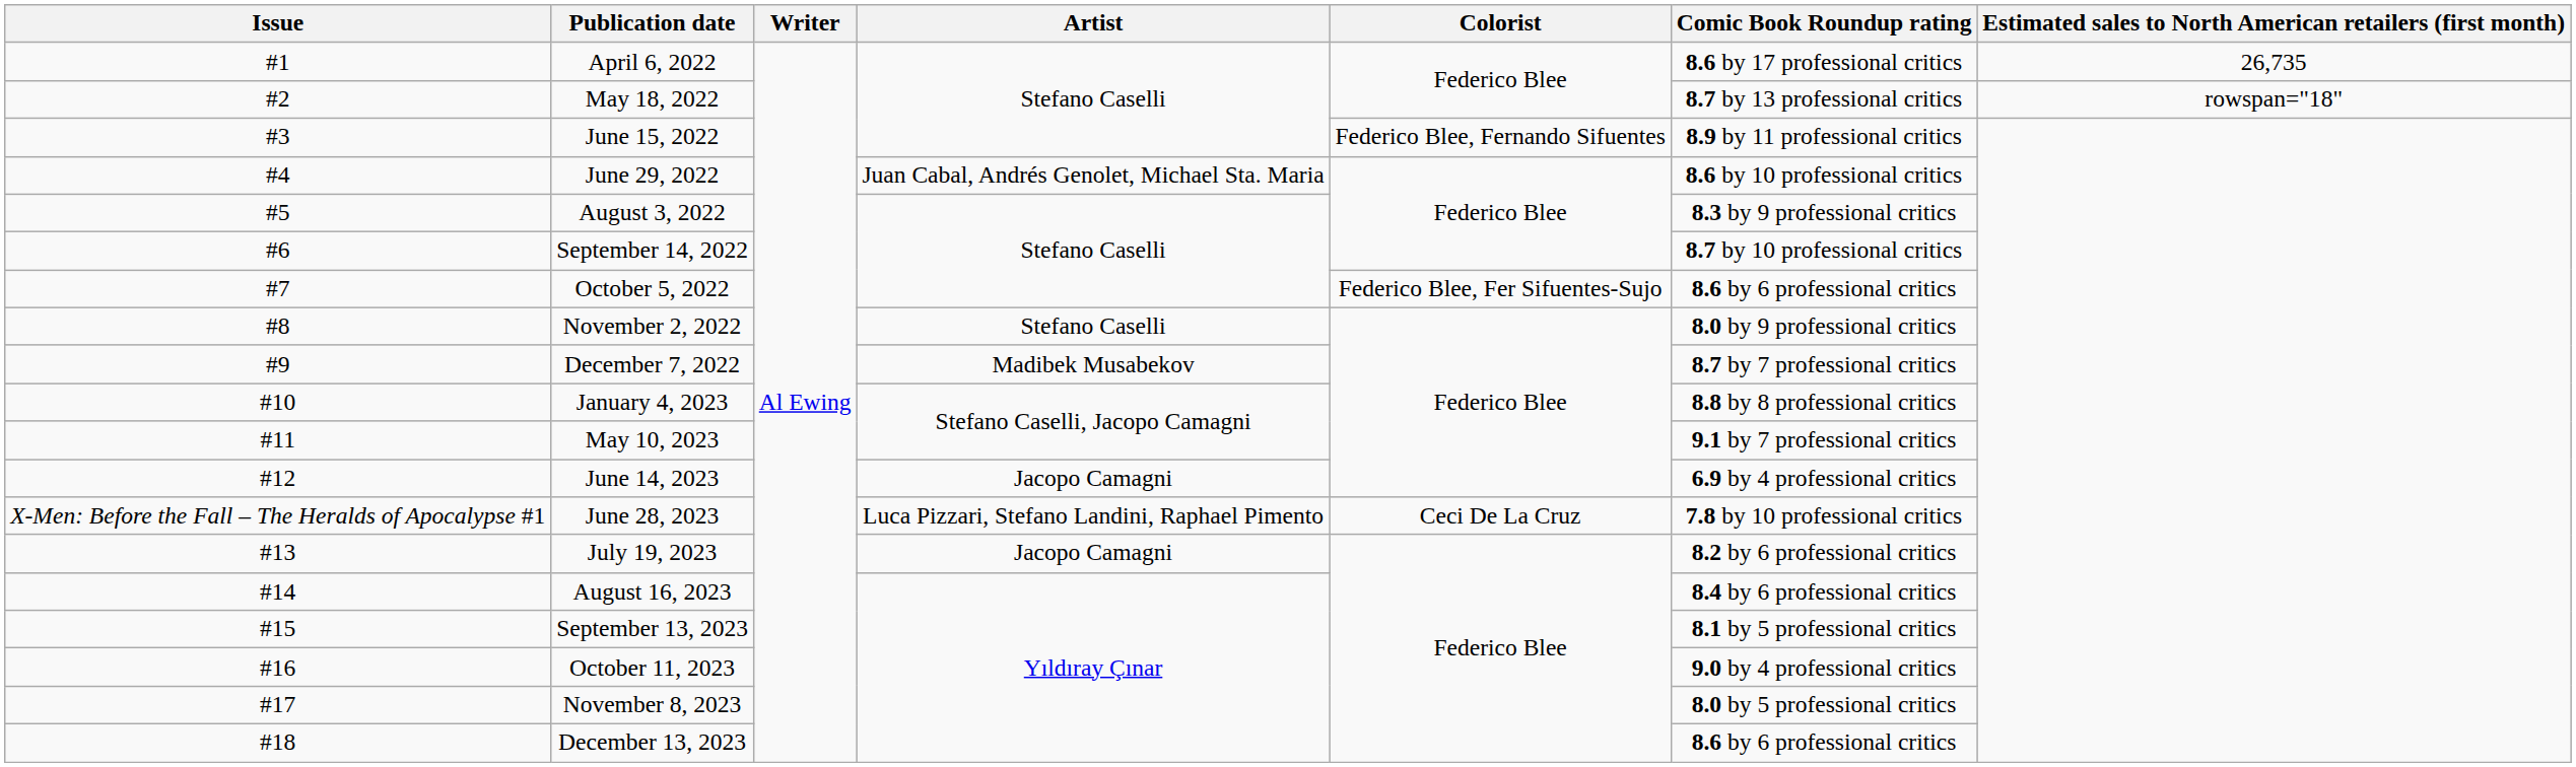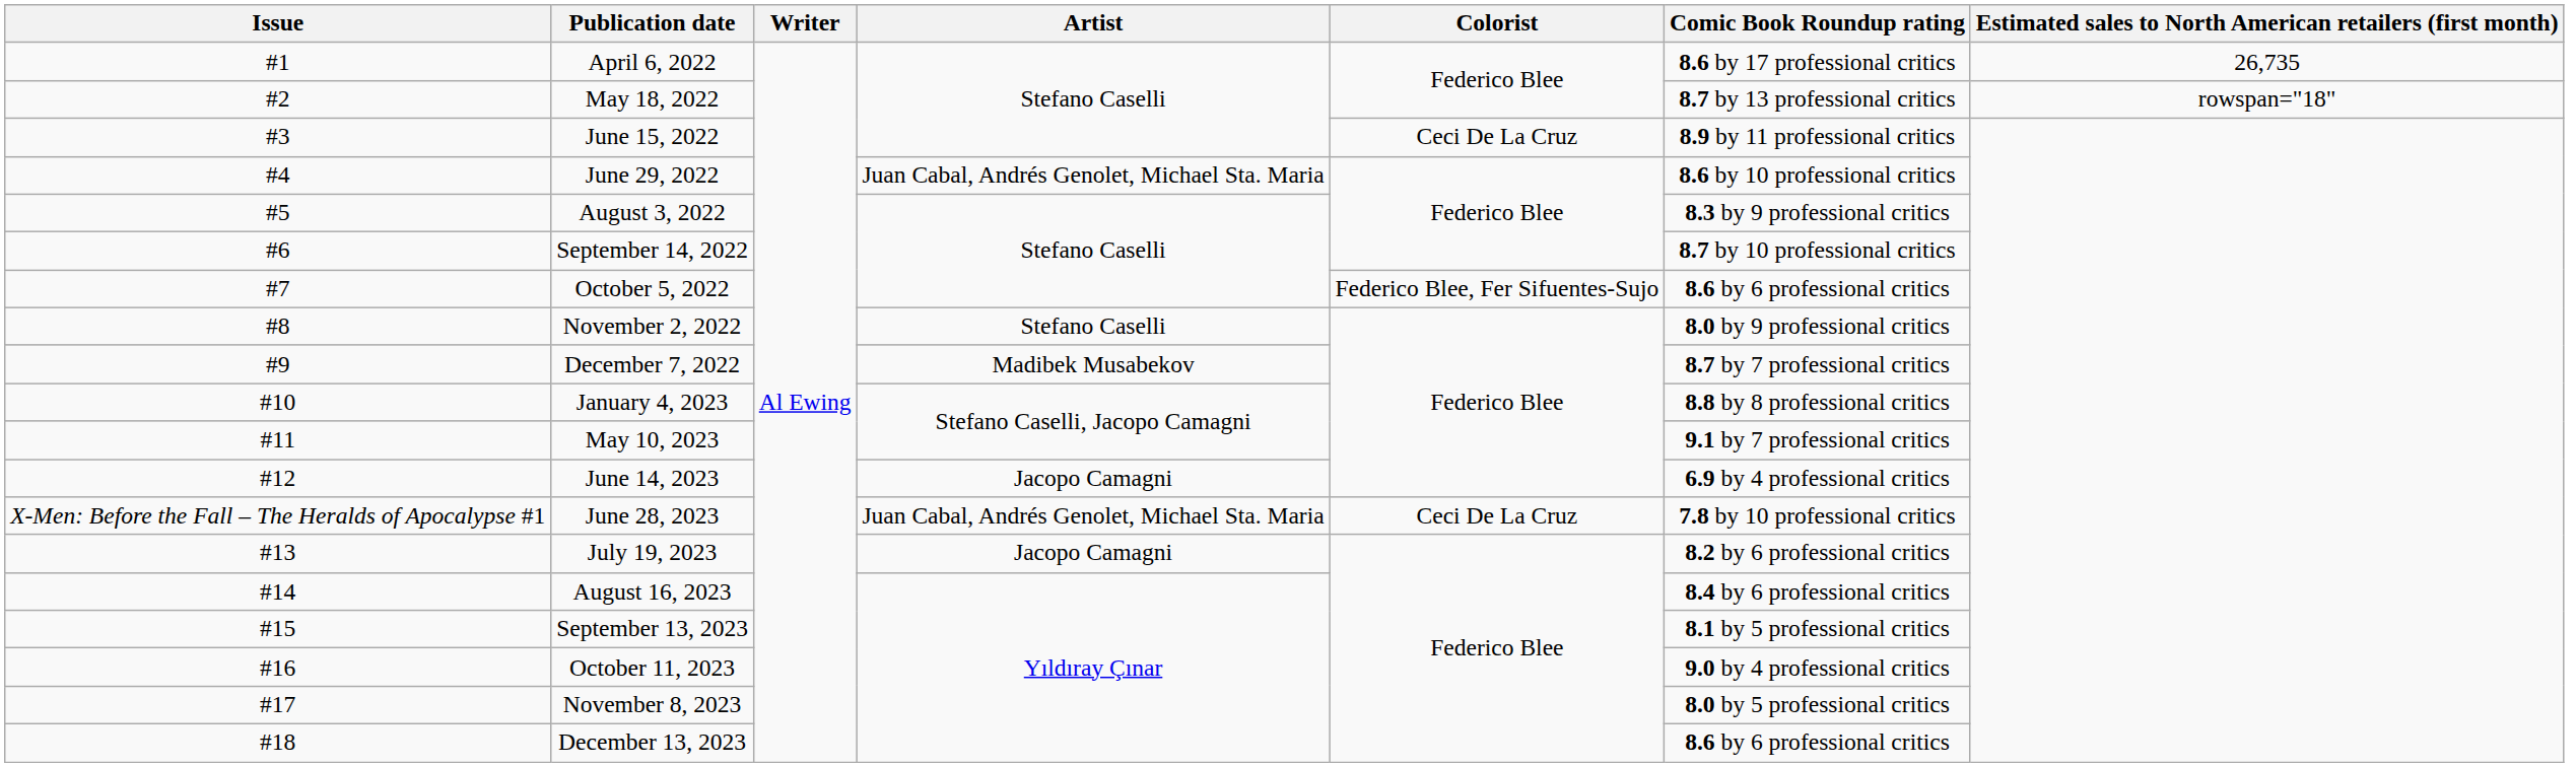 <table class="wikitable plainrowheaders" style="text-align:center;">
 <tr>
 <th scope="col">Issue</th>
 <th scope="col">Publication date</th>
 <th scope="col">Writer</th>
 <th scope="col">Artist</th>
 <th scope="col">Colorist</th>
 <th scope="col">Comic Book Roundup rating</th>
 <th scope="col">Estimated sales to North American retailers (first month)</th>
 </tr>
 <tr>
 <td>#1</td>
 <td>April 6, 2022</td>
 <td rowspan="19"><a href='#'>Al Ewing</a></td>
 <td rowspan="3">Stefano Caselli</td>
 <td rowspan="2">Federico Blee</td>
 <td><strong>8.6</strong> by 17 professional critics</td>
 <td>26,735</td>
 </tr>
 <tr>
 <td>#2</td>
 <td>May 18, 2022</td>
 <td><strong>8.7</strong> by 13 professional critics</td>
 <td>rowspan="18" </td>
 </tr>
 <tr>
 <td>#3</td>
 <td>June 15, 2022</td>
-<td>Federico Blee, Fernando Sifuentes</td>
+<td>Ceci De La Cruz</td>
 <td><strong>8.9</strong> by 11 professional critics</td>
 </tr>
 <tr>
 <td>#4</td>
 <td>June 29, 2022</td>
 <td>Juan Cabal, Andrés Genolet, Michael Sta. Maria</td>
 <td rowspan="3">Federico Blee</td>
 <td><strong>8.6</strong> by 10 professional critics</td>
 </tr>
 <tr>
 <td>#5</td>
 <td>August 3, 2022</td>
 <td rowspan="3">Stefano Caselli</td>
 <td><strong>8.3</strong> by 9 professional critics</td>
 </tr>
 <tr>
 <td>#6</td>
 <td>September 14, 2022</td>
 <td><strong>8.7</strong> by 10 professional critics</td>
 </tr>
 <tr>
 <td>#7</td>
 <td>October 5, 2022</td>
 <td>Federico Blee, Fer Sifuentes-Sujo</td>
 <td><strong>8.6</strong> by 6 professional critics</td>
 </tr>
 <tr>
 <td>#8</td>
 <td>November 2, 2022</td>
 <td>Stefano Caselli</td>
 <td rowspan="5">Federico Blee</td>
 <td><strong>8.0</strong> by 9 professional critics</td>
 </tr>
 <tr>
 <td>#9</td>
 <td>December 7, 2022</td>
 <td>Madibek Musabekov</td>
 <td><strong>8.7</strong> by 7 professional critics</td>
 </tr>
 <tr>
 <td>#10</td>
 <td>January 4, 2023</td>
 <td rowspan="2">Stefano Caselli, Jacopo Camagni</td>
 <td><strong>8.8</strong> by 8 professional critics</td>
 </tr>
 <tr>
 <td>#11</td>
 <td>May 10, 2023</td>
 <td><strong>9.1</strong> by 7 professional critics</td>
 </tr>
 <tr>
 <td>#12</td>
 <td>June 14, 2023</td>
 <td>Jacopo Camagni</td>
 <td><strong>6.9</strong> by 4 professional critics</td>
 </tr>
 <tr>
 <td><em>X-Men: Before the Fall – The Heralds of Apocalypse</em> #1</td>
 <td>June 28, 2023</td>
-<td>Luca Pizzari, Stefano Landini, Raphael Pimento</td>
+<td>Juan Cabal, Andrés Genolet, Michael Sta. Maria</td>
 <td>Ceci De La Cruz</td>
 <td><strong>7.8</strong> by 10 professional critics</td>
 </tr>
 <tr>
 <td>#13</td>
 <td>July 19, 2023</td>
 <td>Jacopo Camagni</td>
 <td rowspan="6">Federico Blee</td>
 <td><strong>8.2</strong> by 6 professional critics</td>
 </tr>
 <tr>
 <td>#14</td>
 <td>August 16, 2023</td>
 <td rowspan="5"><a href='#'>Yıldıray Çınar</a></td>
 <td><strong>8.4</strong> by 6 professional critics</td>
 </tr>
 <tr>
 <td>#15</td>
 <td>September 13, 2023</td>
 <td><strong>8.1</strong> by 5 professional critics</td>
 </tr>
 <tr>
 <td>#16</td>
 <td>October 11, 2023</td>
 <td><strong>9.0</strong> by 4 professional critics</td>
 </tr>
 <tr>
 <td>#17</td>
 <td>November 8, 2023</td>
 <td><strong>8.0</strong> by 5 professional critics</td>
 </tr>
 <tr>
 <td>#18</td>
 <td>December 13, 2023</td>
 <td><strong>8.6</strong> by 6 professional critics</td>
 </tr>
 </table>
